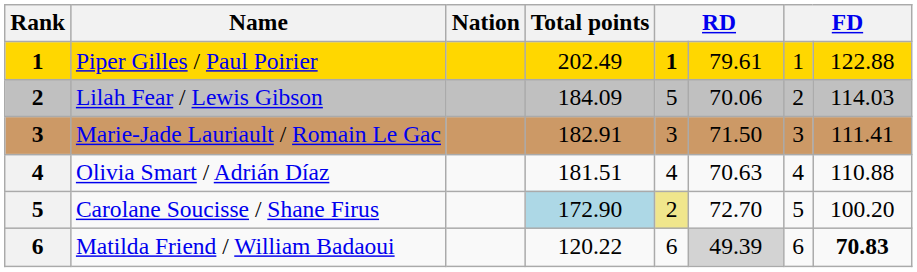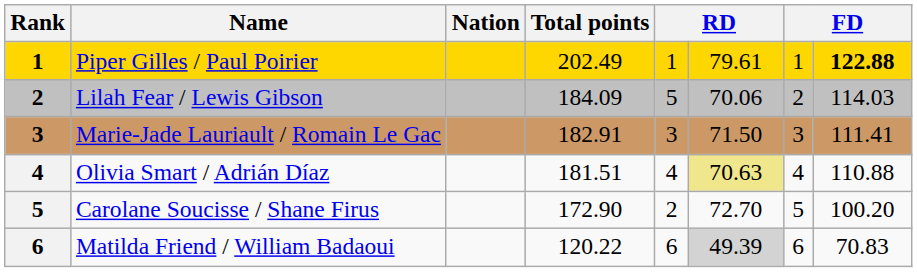 <table class="wikitable sortable">
 <tr>
 <th>Rank</th>
 <th>Name</th>
 <th>Nation</th>
 <th>Total points</th>
 <th colspan="2" width="80px"><a href='#'>RD</a></th>
 <th colspan="2" width="80px"><a href='#'>FD</a></th>
 </tr>
 <tr bgcolor="gold">
 <td align="center"><strong>1</strong></td>
 <td><a href='#'>Piper Gilles</a> / <a href='#'>Paul Poirier</a></td>
 <td></td>
 <td align="center">202.49</td>
-<td align="center"><strong>1</strong></td>
+<td align="center">1</td>
 <td align="center">79.61</td>
 <td align="center">1</td>
-<td align="center">122.88</td>
+<td align="center"><strong>122.88</strong></td>
 </tr>
 <tr bgcolor="silver">
 <td align="center"><strong>2</strong></td>
 <td><a href='#'>Lilah Fear</a> / <a href='#'>Lewis Gibson</a></td>
 <td></td>
 <td align="center">184.09</td>
 <td align="center">5</td>
 <td align="center">70.06</td>
 <td align="center">2</td>
 <td align="center">114.03</td>
 </tr>
 <tr bgcolor="cc9966">
 <td align="center"><strong>3</strong></td>
 <td><a href='#'>Marie-Jade Lauriault</a> / <a href='#'>Romain Le Gac</a></td>
 <td></td>
 <td align="center">182.91</td>
 <td align="center">3</td>
 <td align="center">71.50</td>
 <td align="center">3</td>
 <td align="center">111.41</td>
 </tr>
 <tr>
 <th>4</th>
 <td><a href='#'>Olivia Smart</a> / <a href='#'>Adrián Díaz</a></td>
 <td></td>
 <td align="center">181.51</td>
 <td align="center">4</td>
-<td align="center">70.63</td>
+<td align="center" style="background: khaki;">70.63</td>
 <td align="center">4</td>
 <td align="center">110.88</td>
 </tr>
 <tr>
 <th>5</th>
 <td><a href='#'>Carolane Soucisse</a> / <a href='#'>Shane Firus</a></td>
 <td></td>
-<td align="center" style="background: lightblue;">172.90</td>
-<td align="center" style="background: khaki;">2</td>
+<td align="center">172.90</td>
+<td align="center">2</td>
 <td align="center">72.70</td>
 <td align="center">5</td>
 <td align="center">100.20</td>
 </tr>
 <tr>
 <th>6</th>
 <td><a href='#'>Matilda Friend</a> / <a href='#'>William Badaoui</a></td>
 <td></td>
 <td align="center">120.22</td>
 <td align="center">6</td>
 <td align="center" style="background: lightgrey;">49.39</td>
 <td align="center">6</td>
-<td align="center"><strong>70.83</strong></td>
+<td align="center">70.83</td>
 </tr>
 </table>
